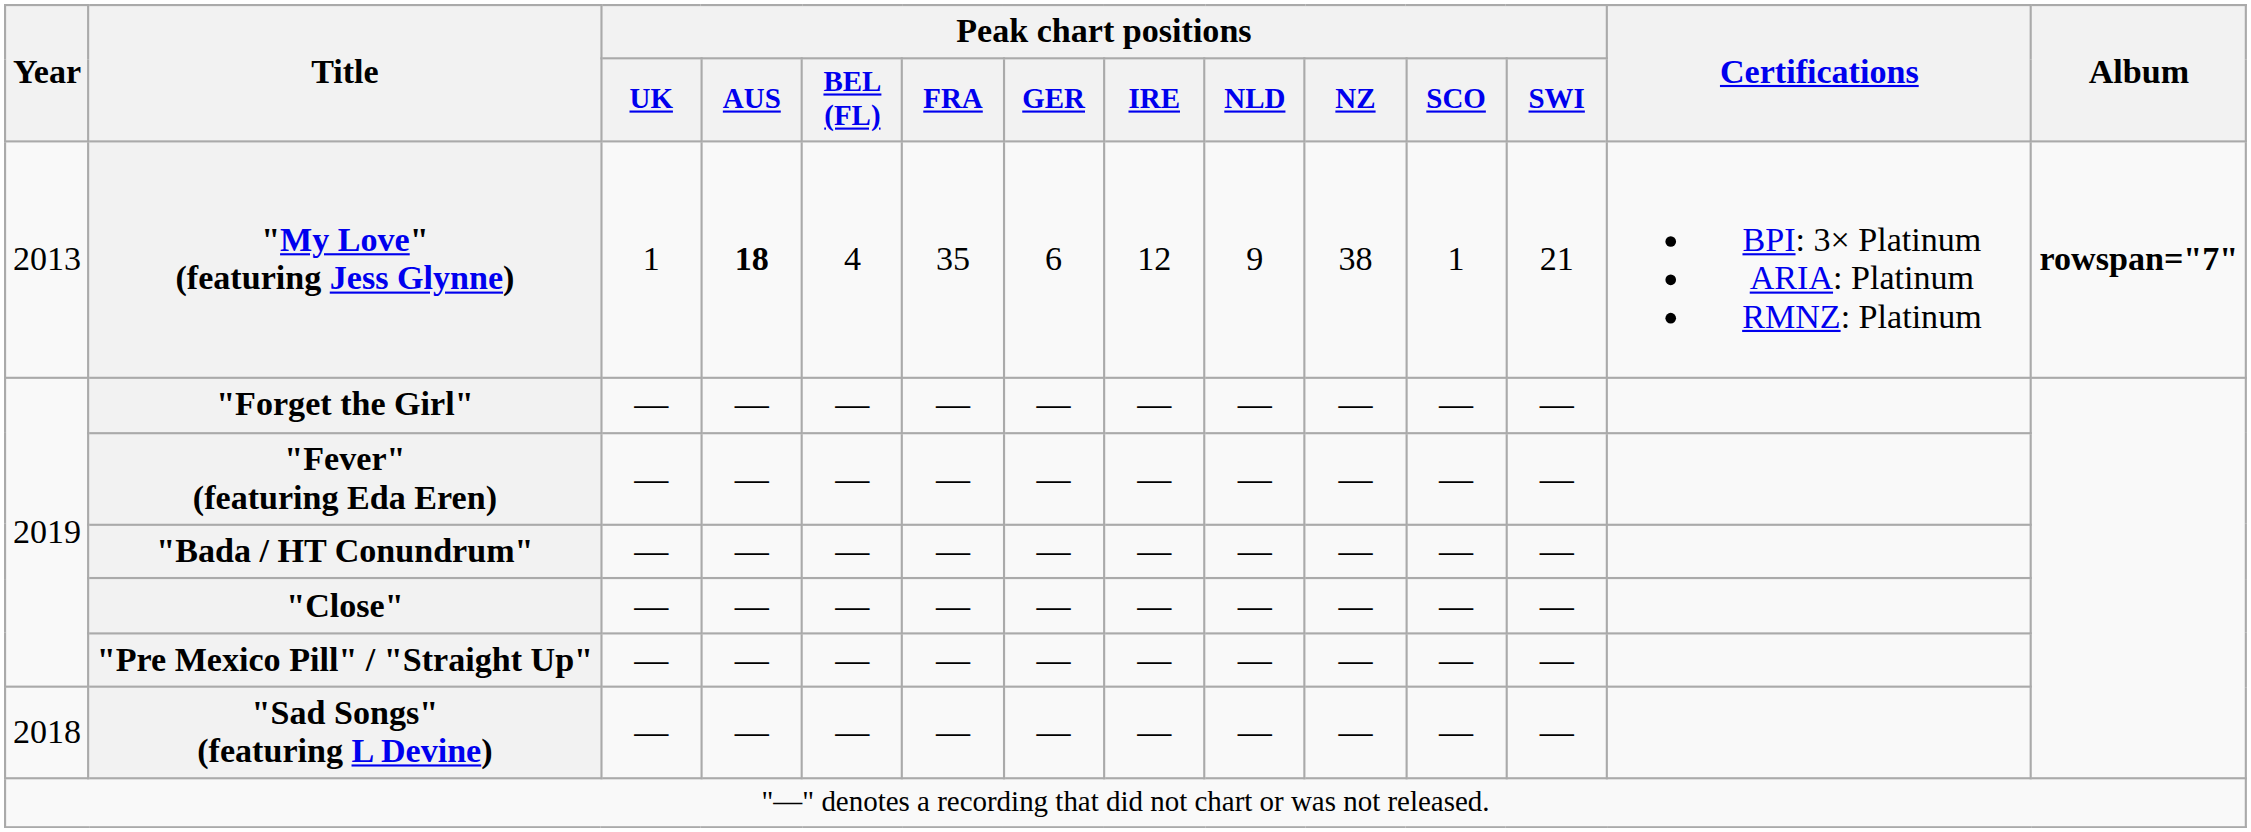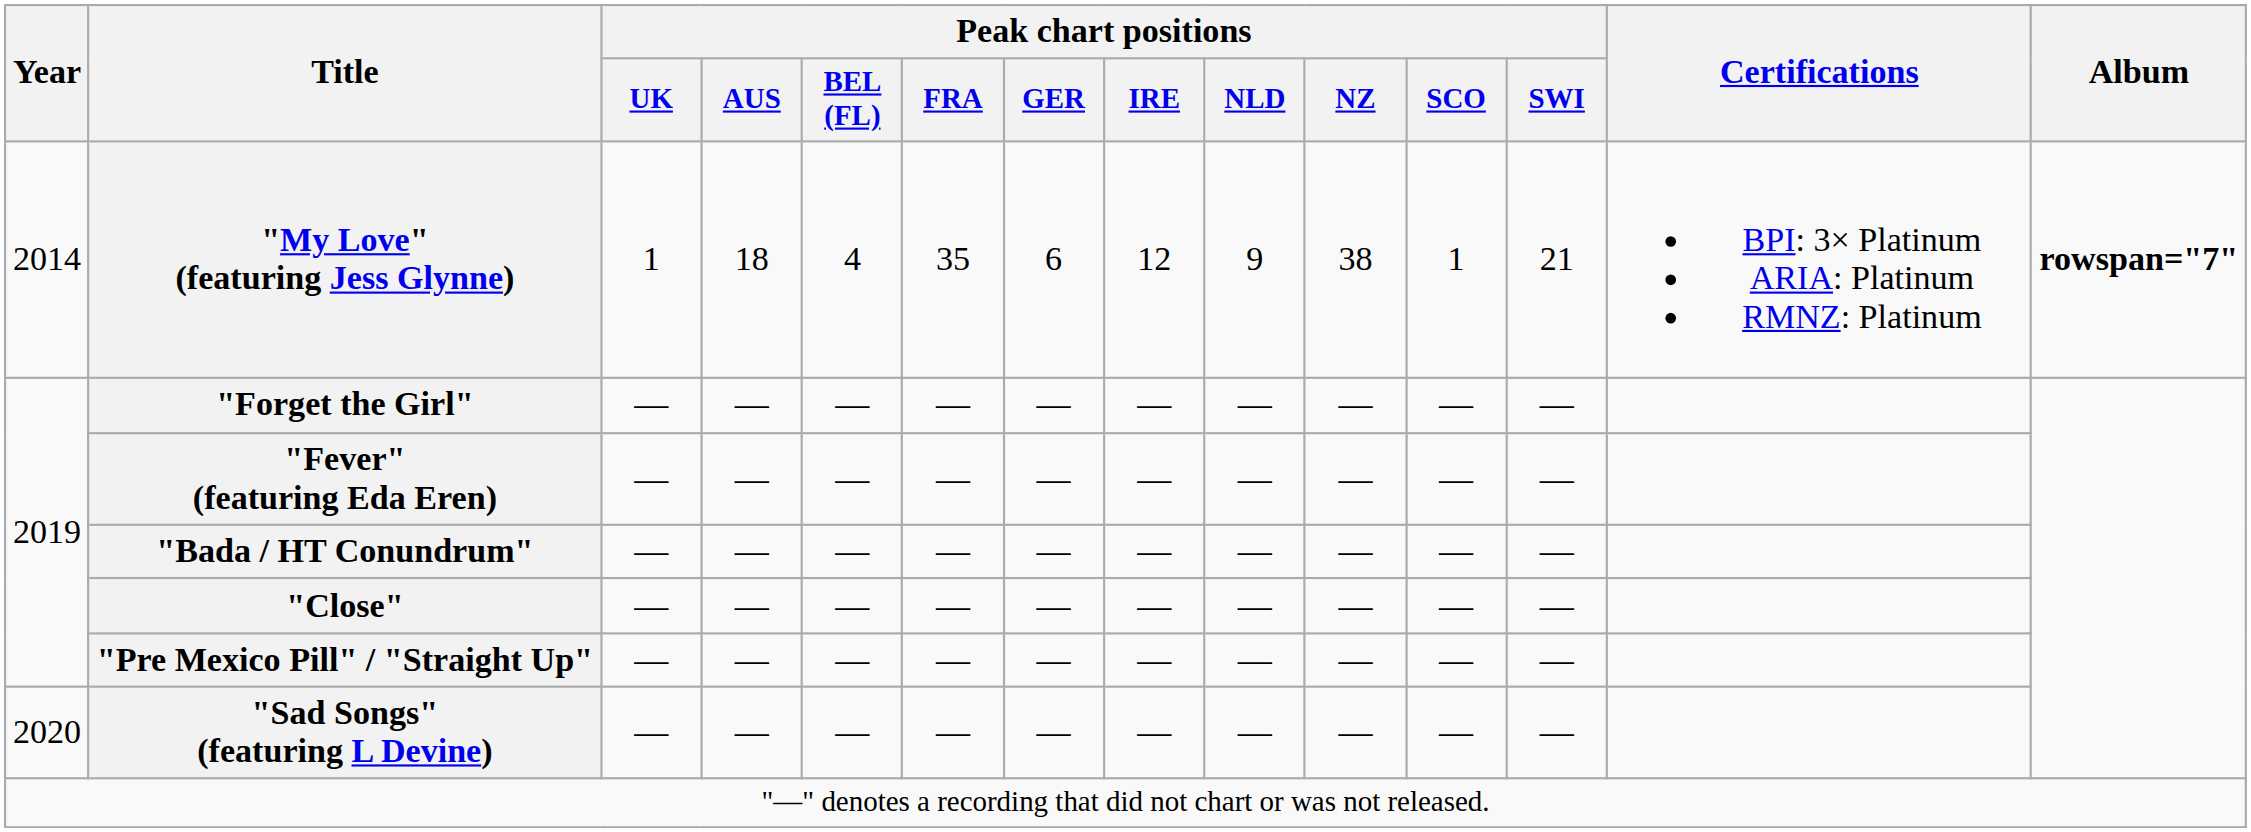 <table class="wikitable plainrowheaders" style="text-align:center;">
 <tr>
 <th scope="col" rowspan="2">Year</th>
 <th scope="col" rowspan="2">Title</th>
 <th scope="col" colspan="10">Peak chart positions</th>
 <th scope="col" rowspan="2" style="width:12em;"><a href='#'>Certifications</a></th>
 <th scope="col" rowspan="2">Album</th>
 </tr>
 <tr>
 <th scope="col" style="width:3em;font-size:85%;"><a href='#'>UK</a><br></th>
 <th scope="col" style="width:3em;font-size:85%;"><a href='#'>AUS</a><br></th>
 <th scope="col" style="width:3em;font-size:85%;"><a href='#'>BEL (FL)</a><br></th>
 <th scope="col" style="width:3em;font-size:85%;"><a href='#'>FRA</a><br></th>
 <th scope="col" style="width:3em;font-size:85%;"><a href='#'>GER</a><br></th>
 <th scope="col" style="width:3em;font-size:85%;"><a href='#'>IRE</a><br></th>
 <th scope="col" style="width:3em;font-size:85%;"><a href='#'>NLD</a><br></th>
 <th scope="col" style="width:3em;font-size:85%;"><a href='#'>NZ</a><br></th>
 <th scope="col" style="width:3em;font-size:85%;"><a href='#'>SCO</a><br></th>
 <th scope="col" style="width:3em;font-size:85%;"><a href='#'>SWI</a><br></th>
 </tr>
 <tr>
-<td>2013</td>
+<td>2014</td>
 <th scope="row">"<a href='#'>My Love</a>" <br><span>(featuring <a href='#'>Jess Glynne</a>)</span></th>
 <td>1</td>
-<td><strong>18</strong></td>
+<td>18</td>
 <td>4</td>
 <td>35</td>
 <td>6</td>
 <td>12</td>
 <td>9</td>
 <td>38</td>
 <td>1</td>
 <td>21</td>
 <td><br><ul><li><a href='#'>BPI</a>: 3× Platinum</li><li><a href='#'>ARIA</a>: Platinum</li><li><a href='#'>RMNZ</a>: Platinum</li></ul></td>
 <td><strong>rowspan="7" </strong></td>
 </tr>
 <tr>
 <td rowspan="5">2019</td>
 <th scope="row">"Forget the Girl"</th>
 <td>—</td>
 <td>—</td>
 <td>—</td>
 <td>—</td>
 <td>—</td>
 <td>—</td>
 <td>—</td>
 <td>—</td>
 <td>—</td>
 <td>—</td>
 <td></td>
 </tr>
 <tr>
 <th scope="row">"Fever" <br><span>(featuring Eda Eren)</span></th>
 <td>—</td>
 <td>—</td>
 <td>—</td>
 <td>—</td>
 <td>—</td>
 <td>—</td>
 <td>—</td>
 <td>—</td>
 <td>—</td>
 <td>—</td>
 <td></td>
 </tr>
 <tr>
 <th scope="row">"Bada / HT Conundrum"</th>
 <td>—</td>
 <td>—</td>
 <td>—</td>
 <td>—</td>
 <td>—</td>
 <td>—</td>
 <td>—</td>
 <td>—</td>
 <td>—</td>
 <td>—</td>
 <td></td>
 </tr>
 <tr>
 <th scope="row">"Close"</th>
 <td>—</td>
 <td>—</td>
 <td>—</td>
 <td>—</td>
 <td>—</td>
 <td>—</td>
 <td>—</td>
 <td>—</td>
 <td>—</td>
 <td>—</td>
 <td></td>
 </tr>
 <tr>
 <th scope="row">"Pre Mexico Pill" / "Straight Up"</th>
 <td>—</td>
 <td>—</td>
 <td>—</td>
 <td>—</td>
 <td>—</td>
 <td>—</td>
 <td>—</td>
 <td>—</td>
 <td>—</td>
 <td>—</td>
 <td></td>
 </tr>
 <tr>
-<td>2018</td>
+<td>2020</td>
 <th scope="row">"Sad Songs" <br><span>(featuring <a href='#'>L Devine</a>)</span></th>
 <td>—</td>
 <td>—</td>
 <td>—</td>
 <td>—</td>
 <td>—</td>
 <td>—</td>
 <td>—</td>
 <td>—</td>
 <td>—</td>
 <td>—</td>
 <td></td>
 </tr>
 <tr>
 <td colspan="15" style="font-size:85%">"—" denotes a recording that did not chart or was not released.</td>
 </tr>
 </table>
